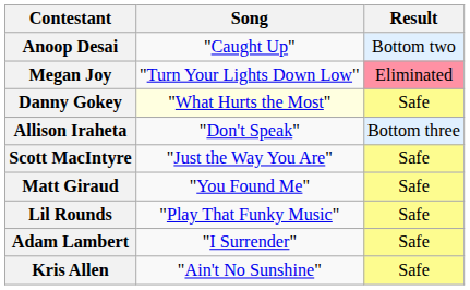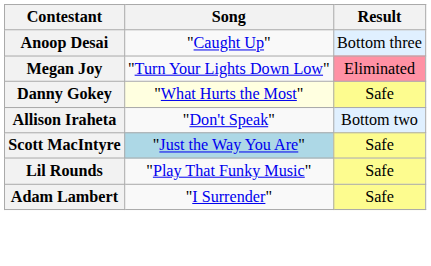 <table class="wikitable unsortable" style="text-align:center;">
 <tr>
 <th scope="col">Contestant</th>
 <th scope="col">Song</th>
 <th scope="col">Result</th>
 </tr>
 <tr>
 <th scope="row">Anoop Desai</th>
 <td>"<a href='#'>Caught Up</a>"</td>
-<td bgcolor="E0F0FF">Bottom two</td>
+<td bgcolor="E0F0FF">Bottom three</td>
 </tr>
 <tr>
 <th scope="row">Megan Joy</th>
 <td>"<a href='#'>Turn Your Lights Down Low</a>"</td>
 <td bgcolor="FF91A4">Eliminated</td>
 </tr>
 <tr>
 <th scope="row">Danny Gokey</th>
 <td style="background: lightyellow;">"<a href='#'>What Hurts the Most</a>"</td>
 <td style="background:#FDFC8F">Safe</td>
 </tr>
 <tr>
 <th scope="row">Allison Iraheta</th>
 <td>"<a href='#'>Don't Speak</a>"</td>
-<td bgcolor="E0F0FF">Bottom three</td>
+<td bgcolor="E0F0FF">Bottom two</td>
 </tr>
 <tr>
 <th scope="row">Scott MacIntyre</th>
-<td>"<a href='#'>Just the Way You Are</a>"</td>
-<td style="background:#FDFC8F">Safe</td>
-</tr>
-<tr>
-<th scope="row">Matt Giraud</th>
-<td>"<a href='#'>You Found Me</a>"</td>
+<td style="background: lightblue;">"<a href='#'>Just the Way You Are</a>"</td>
 <td style="background:#FDFC8F">Safe</td>
 </tr>
 <tr>
 <th scope="row">Lil Rounds</th>
 <td>"<a href='#'>Play That Funky Music</a>"</td>
 <td style="background:#FDFC8F">Safe</td>
 </tr>
 <tr>
 <th scope="row">Adam Lambert</th>
 <td>"<a href='#'>I Surrender</a>"</td>
 <td style="background:#FDFC8F">Safe</td>
 </tr>
-<tr>
-<th scope="row">Kris Allen</th>
-<td>"<a href='#'>Ain't No Sunshine</a>"</td>
-<td style="background:#FDFC8F">Safe</td>
-</tr>
 </table>
